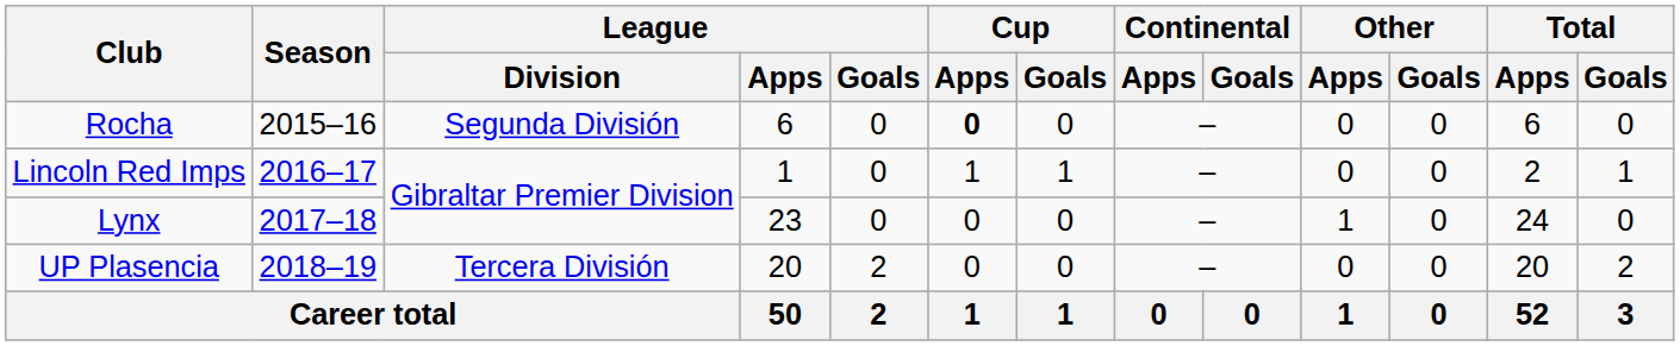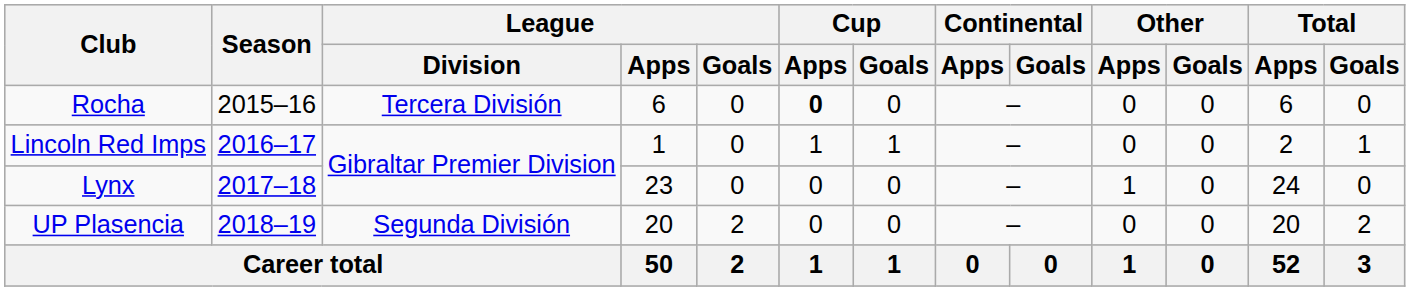 <table class="wikitable" style="text-align: center">
 <tr>
 <th rowspan="2">Club</th>
 <th rowspan="2">Season</th>
 <th colspan="3">League</th>
 <th colspan="2">Cup</th>
 <th colspan="2">Continental</th>
 <th colspan="2">Other</th>
 <th colspan="2">Total</th>
 </tr>
 <tr>
 <th>Division</th>
 <th>Apps</th>
 <th>Goals</th>
 <th>Apps</th>
 <th>Goals</th>
 <th>Apps</th>
 <th>Goals</th>
 <th>Apps</th>
 <th>Goals</th>
 <th>Apps</th>
 <th>Goals</th>
 </tr>
 <tr>
 <td><a href='#'>Rocha</a></td>
 <td>2015–16</td>
-<td><a href='#'>Segunda División</a></td>
+<td><a href='#'>Tercera División</a></td>
 <td>6</td>
 <td>0</td>
 <td><strong>0</strong></td>
 <td>0</td>
 <td colspan="2">–</td>
 <td>0</td>
 <td>0</td>
 <td>6</td>
 <td>0</td>
 </tr>
 <tr>
 <td><a href='#'>Lincoln Red Imps</a></td>
 <td><a href='#'>2016–17</a></td>
 <td rowspan="2"><a href='#'>Gibraltar Premier Division</a></td>
 <td>1</td>
 <td>0</td>
 <td>1</td>
 <td>1</td>
 <td colspan="2">–</td>
 <td>0</td>
 <td>0</td>
 <td>2</td>
 <td>1</td>
 </tr>
 <tr>
 <td><a href='#'>Lynx</a></td>
 <td><a href='#'>2017–18</a></td>
 <td>23</td>
 <td>0</td>
 <td>0</td>
 <td>0</td>
 <td colspan="2">–</td>
 <td>1</td>
 <td>0</td>
 <td>24</td>
 <td>0</td>
 </tr>
 <tr>
 <td><a href='#'>UP Plasencia</a></td>
 <td><a href='#'>2018–19</a></td>
-<td><a href='#'>Tercera División</a></td>
+<td><a href='#'>Segunda División</a></td>
 <td>20</td>
 <td>2</td>
 <td>0</td>
 <td>0</td>
 <td colspan="2">–</td>
 <td>0</td>
 <td>0</td>
 <td>20</td>
 <td>2</td>
 </tr>
 <tr>
 <th colspan="3"><strong>Career total</strong></th>
 <th>50</th>
 <th>2</th>
 <th>1</th>
 <th>1</th>
 <th>0</th>
 <th>0</th>
 <th>1</th>
 <th>0</th>
 <th>52</th>
 <th>3</th>
 </tr>
 </table>
